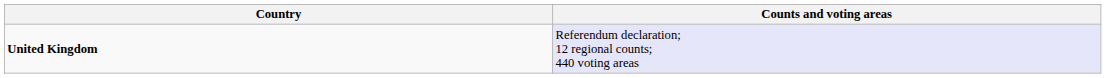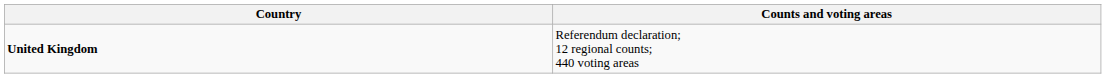 <table class="wikitable" style="width:70%;">
 <tr>
 <th width=35%>Country</th>
 <th width=35%>Counts and voting areas</th>
 </tr>
 <tr>
 <td><strong>United Kingdom</strong></td>
-<td style="background: lavender;">Referendum declaration;<br>12 regional counts;<br>440 voting areas</td>
+<td>Referendum declaration;<br>12 regional counts;<br>440 voting areas</td>
 </tr>
 </table>
